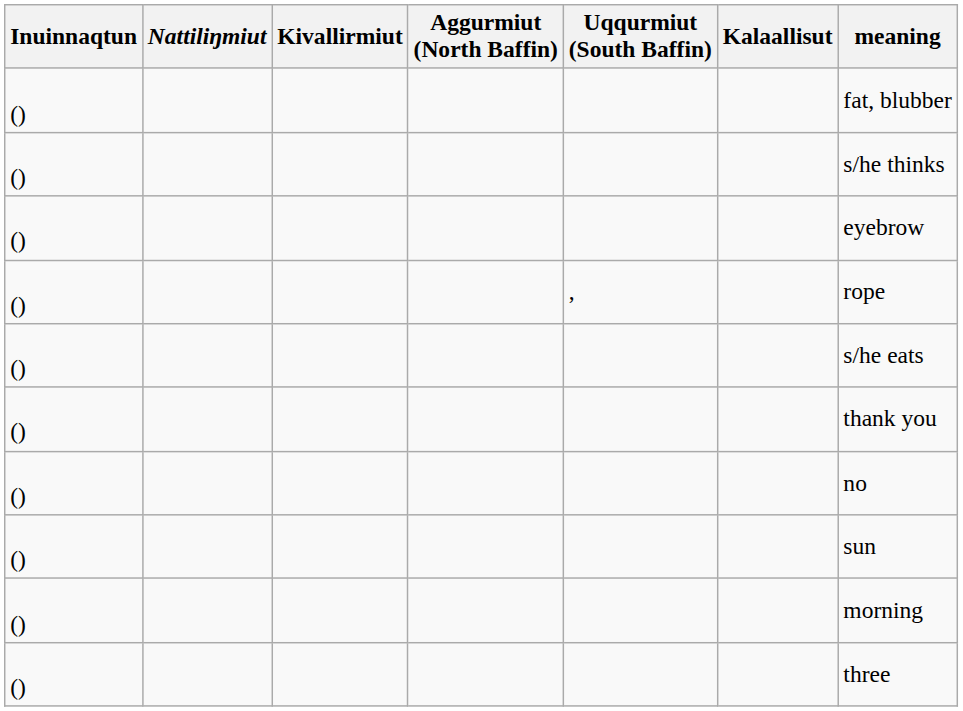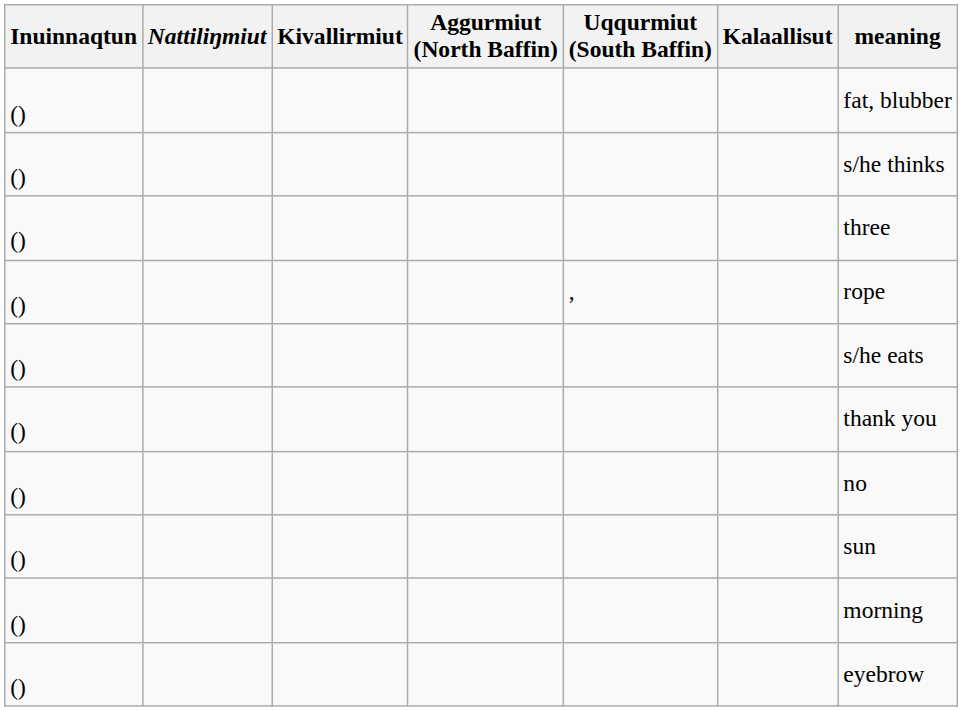 <table class="wikitable">
 <tr>
 <th>Inuinnaqtun</th>
 <th><em>Nattiliŋmiut</em></th>
 <th>Kivallirmiut</th>
 <th>Aggurmiut<br> (North Baffin)</th>
 <th>Uqqurmiut<br> (South Baffin)</th>
 <th>Kalaallisut</th>
 <th>meaning</th>
 </tr>
 <tr>
 <td><br>()</td>
 <td><br></td>
 <td><br></td>
 <td><br></td>
 <td><br></td>
 <td></td>
 <td>fat, blubber</td>
 </tr>
 <tr>
 <td><br>()</td>
 <td><br></td>
 <td><br></td>
 <td><br></td>
 <td><br></td>
 <td></td>
 <td>s/he thinks</td>
 </tr>
 <tr>
 <td><br>()</td>
 <td><br></td>
 <td><br></td>
 <td><br></td>
 <td><br></td>
 <td></td>
-<td>eyebrow</td>
+<td>three</td>
 </tr>
 <tr>
 <td><br>()</td>
 <td><br></td>
 <td><br></td>
 <td><br></td>
 <td>, <br></td>
 <td></td>
 <td>rope</td>
 </tr>
 <tr>
 <td><br>()</td>
 <td><br></td>
 <td><br></td>
 <td><br></td>
 <td><br></td>
 <td></td>
 <td>s/he eats</td>
 </tr>
 <tr>
 <td><br>()</td>
 <td><br></td>
 <td><br></td>
 <td><br></td>
 <td><br></td>
 <td></td>
 <td>thank you</td>
 </tr>
 <tr>
 <td><br>()</td>
 <td><br></td>
 <td><br></td>
 <td><br></td>
 <td><br></td>
 <td></td>
 <td>no</td>
 </tr>
 <tr>
 <td><br>()</td>
 <td><br></td>
 <td><br></td>
 <td><br></td>
 <td><br></td>
 <td></td>
 <td>sun</td>
 </tr>
 <tr>
 <td><br>()</td>
 <td><br></td>
 <td><br></td>
 <td><br></td>
 <td><br></td>
 <td></td>
 <td>morning</td>
 </tr>
 <tr>
 <td><br>()</td>
 <td><br></td>
 <td><br></td>
 <td><br></td>
 <td><br></td>
 <td></td>
-<td>three</td>
+<td>eyebrow</td>
 </tr>
 </table>
